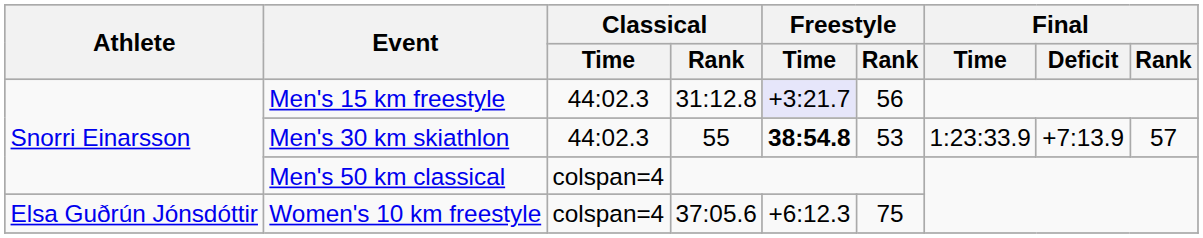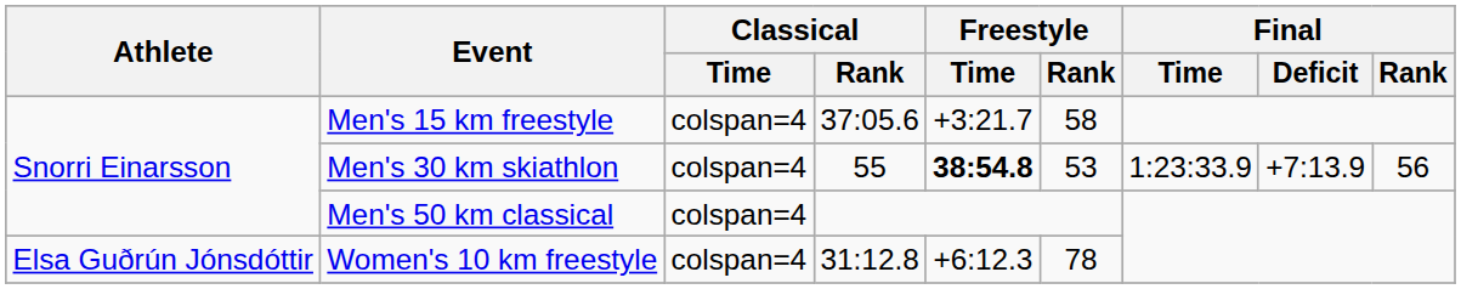 <table class="wikitable" style="font-size:90%">
 <tr>
 <th rowspan=2>Athlete</th>
 <th rowspan=2>Event</th>
 <th colspan=2>Classical</th>
 <th colspan=2>Freestyle</th>
 <th colspan=3>Final</th>
 </tr>
 <tr style="font-size: 95%">
 <th>Time</th>
 <th>Rank</th>
 <th>Time</th>
 <th>Rank</th>
 <th>Time</th>
 <th>Deficit</th>
 <th>Rank</th>
 </tr>
 <tr align=center>
 <td align=left rowspan=3><a href='#'>Snorri Einarsson</a></td>
 <td align=left><a href='#'>Men's 15 km freestyle</a></td>
-<td>44:02.3</td>
-<td>31:12.8</td>
-<td style="background: lavender;">+3:21.7</td>
-<td>56</td>
+<td>colspan=4 </td>
+<td>37:05.6</td>
+<td>+3:21.7</td>
+<td>58</td>
 </tr>
 <tr align=center>
 <td align=left><a href='#'>Men's 30 km skiathlon</a></td>
-<td>44:02.3</td>
+<td>colspan=4 </td>
 <td>55</td>
 <td><strong>38:54.8</strong></td>
 <td>53</td>
 <td>1:23:33.9</td>
 <td>+7:13.9</td>
-<td>57</td>
+<td>56</td>
 </tr>
 <tr align=center>
 <td align=left><a href='#'>Men's 50 km classical</a></td>
 <td>colspan=4 </td>
 <td colspan=3></td>
 </tr>
 <tr align=center>
 <td align=left><a href='#'>Elsa Guðrún Jónsdóttir</a></td>
 <td align=left><a href='#'>Women's 10 km freestyle</a></td>
 <td>colspan=4 </td>
-<td>37:05.6</td>
+<td>31:12.8</td>
 <td>+6:12.3</td>
-<td>75</td>
+<td>78</td>
 </tr>
 </table>
